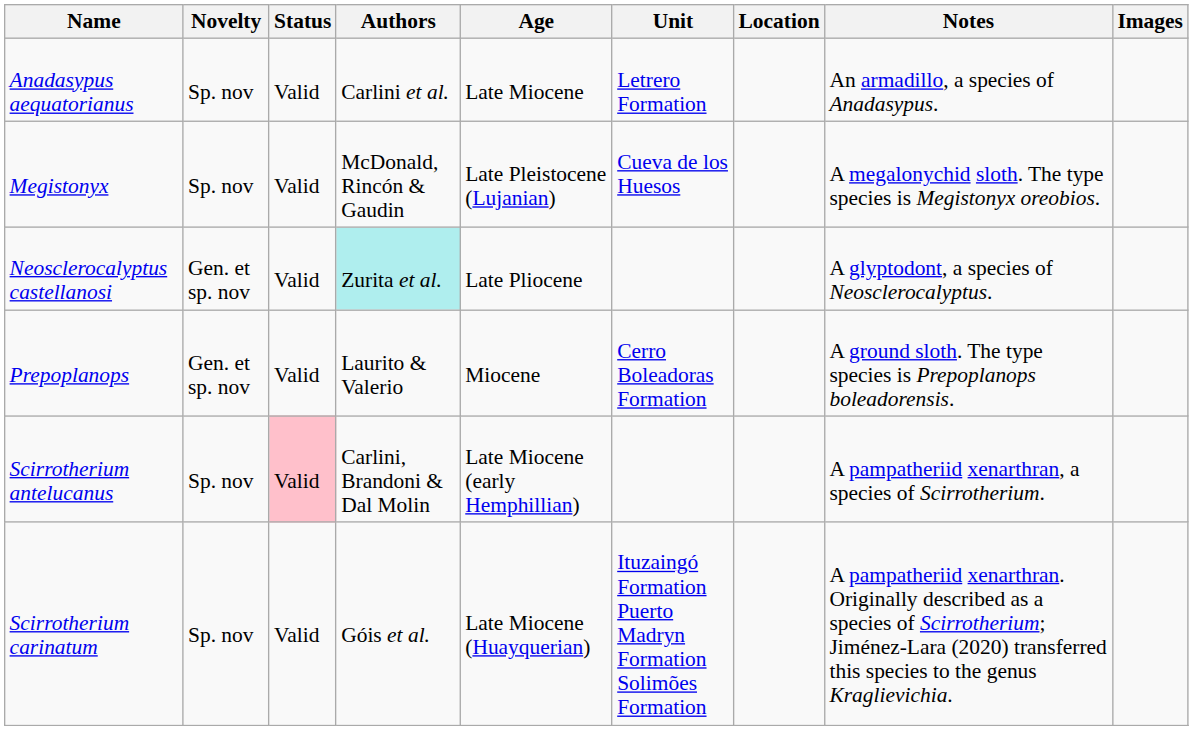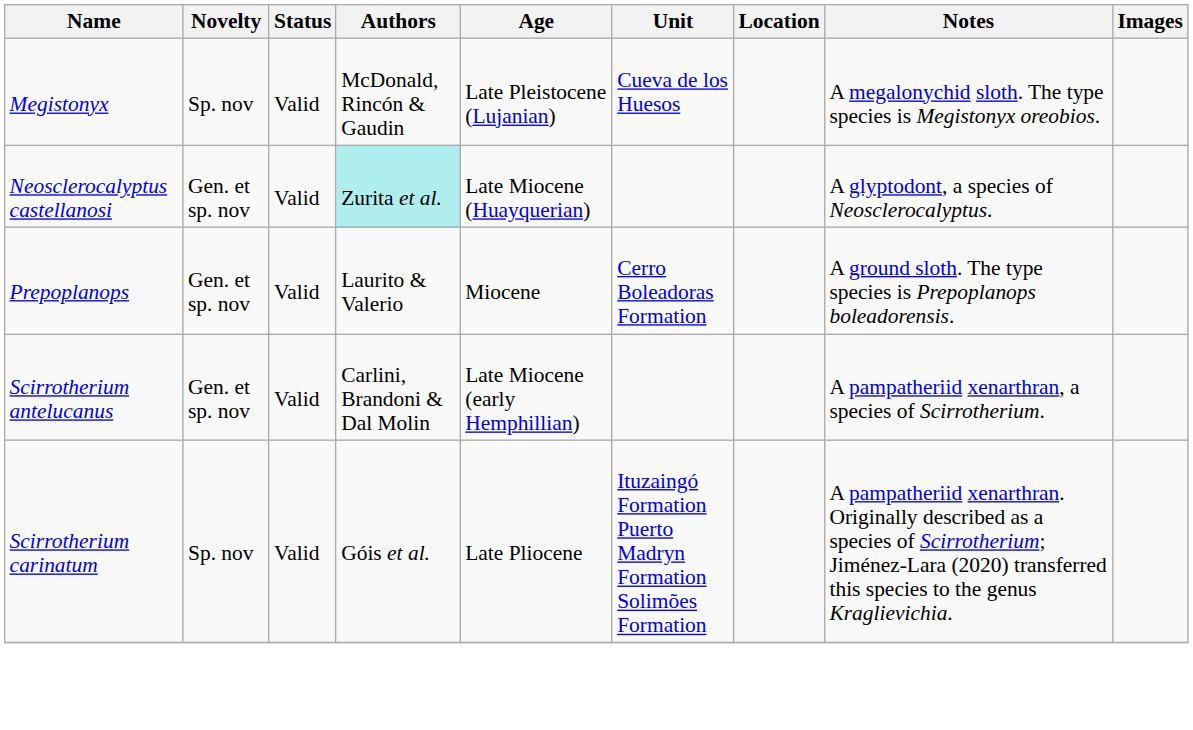 <table class="wikitable sortable" align="center" width="100%">
 <tr>
 <th>Name</th>
 <th>Novelty</th>
 <th>Status</th>
 <th>Authors</th>
 <th>Age</th>
 <th>Unit</th>
 <th>Location</th>
 <th>Notes</th>
 <th>Images</th>
-</tr>
-<tr>
-<td><br><em><a href='#'>Anadasypus aequatorianus</a></em></td>
-<td><br>Sp. nov</td>
-<td><br>Valid</td>
-<td><br>Carlini <em>et al.</em></td>
-<td><br>Late Miocene</td>
-<td><br><a href='#'>Letrero Formation</a></td>
-<td><br></td>
-<td><br>An <a href='#'>armadillo</a>, a species of <em>Anadasypus</em>.</td>
-<td></td>
 </tr>
 <tr>
 <td><br><em><a href='#'>Megistonyx</a></em></td>
 <td><br>Sp. nov</td>
 <td><br>Valid</td>
 <td><br>McDonald, Rincón & Gaudin</td>
 <td><br>Late Pleistocene (<a href='#'>Lujanian</a>)</td>
 <td><a href='#'>Cueva de los Huesos</a></td>
 <td><br></td>
 <td><br>A <a href='#'>megalonychid</a> <a href='#'>sloth</a>. The type species is <em>Megistonyx oreobios</em>.</td>
 <td></td>
 </tr>
 <tr>
 <td><br><em><a href='#'>Neosclerocalyptus castellanosi</a></em></td>
 <td><br>Gen. et sp. nov</td>
 <td><br>Valid</td>
 <td style="background: paleturquoise;"><br>Zurita <em>et al.</em></td>
-<td><br>Late Pliocene</td>
+<td><br>Late Miocene (<a href='#'>Huayquerian</a>)</td>
 <td></td>
 <td><br></td>
 <td><br>A <a href='#'>glyptodont</a>, a species of <em>Neosclerocalyptus</em>.</td>
 <td></td>
 </tr>
 <tr>
 <td><br><em><a href='#'>Prepoplanops</a></em></td>
 <td><br>Gen. et sp. nov</td>
 <td><br>Valid</td>
 <td><br>Laurito & Valerio</td>
 <td><br>Miocene</td>
 <td><br><a href='#'>Cerro Boleadoras Formation</a></td>
 <td><br></td>
 <td><br>A <a href='#'>ground sloth</a>. The type species is <em>Prepoplanops boleadorensis</em>.</td>
 <td></td>
 </tr>
 <tr>
 <td><br><em><a href='#'>Scirrotherium antelucanus</a></em></td>
-<td><br>Sp. nov</td>
-<td style="background: pink;"><br>Valid</td>
+<td><br>Gen. et sp. nov</td>
+<td><br>Valid</td>
 <td><br>Carlini, Brandoni & Dal Molin</td>
 <td><br>Late Miocene (early <a href='#'>Hemphillian</a>)</td>
 <td></td>
 <td><br></td>
 <td><br>A <a href='#'>pampatheriid</a> <a href='#'>xenarthran</a>, a species of <em>Scirrotherium</em>.</td>
 <td></td>
 </tr>
 <tr>
 <td><br><em><a href='#'>Scirrotherium carinatum</a></em></td>
 <td><br>Sp. nov</td>
 <td><br>Valid</td>
 <td><br>Góis <em>et al.</em></td>
-<td><br>Late Miocene (<a href='#'>Huayquerian</a>)</td>
+<td><br>Late Pliocene</td>
 <td><br><a href='#'>Ituzaingó Formation</a><br> <a href='#'>Puerto Madryn Formation</a><br> <a href='#'>Solimões Formation</a></td>
 <td><br><br> </td>
 <td><br>A <a href='#'>pampatheriid</a> <a href='#'>xenarthran</a>. Originally described as a species of <em><a href='#'>Scirrotherium</a></em>; Jiménez-Lara (2020) transferred this species to the genus <em>Kraglievichia</em>.</td>
 <td></td>
 </tr>
 <tr>
 </tr>
 </table>
